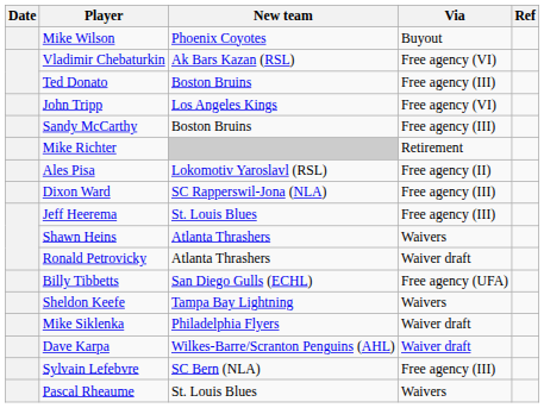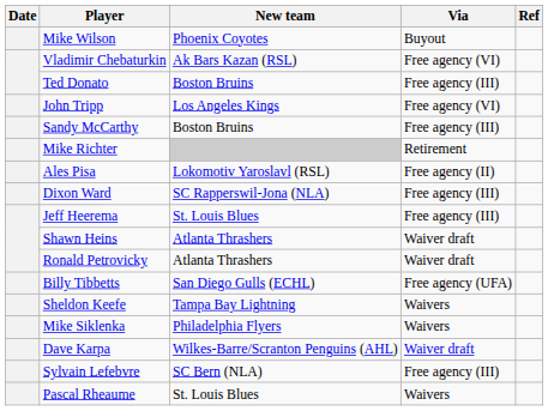 <table class="wikitable plainrowheaders">
 <tr style="background:#ddd; text-align:center;">
 <th>Date</th>
 <th>Player</th>
 <th>New team</th>
 <th>Via</th>
 <th>Ref</th>
 </tr>
 <tr>
 <th scope="row"></th>
 <td><a href='#'>Mike Wilson</a></td>
 <td><a href='#'>Phoenix Coyotes</a></td>
 <td>Buyout</td>
 <td></td>
 </tr>
 <tr>
 <th scope="row" rowspan=2></th>
 <td><a href='#'>Vladimir Chebaturkin</a></td>
 <td><a href='#'>Ak Bars Kazan</a> (<a href='#'>RSL</a>)</td>
 <td>Free agency (VI)</td>
 <td></td>
 </tr>
 <tr>
 <td><a href='#'>Ted Donato</a></td>
 <td><a href='#'>Boston Bruins</a></td>
 <td>Free agency (III)</td>
 <td></td>
 </tr>
 <tr>
 <th scope="row"></th>
 <td><a href='#'>John Tripp</a></td>
 <td><a href='#'>Los Angeles Kings</a></td>
 <td>Free agency (VI)</td>
 <td></td>
 </tr>
 <tr>
 <th scope="row"></th>
 <td><a href='#'>Sandy McCarthy</a></td>
 <td>Boston Bruins</td>
 <td>Free agency (III)</td>
 <td></td>
 </tr>
 <tr>
 <th scope="row"></th>
 <td><a href='#'>Mike Richter</a></td>
 <td style="background:#ccc"></td>
 <td>Retirement</td>
 <td></td>
 </tr>
 <tr>
 <th scope="row"></th>
 <td><a href='#'>Ales Pisa</a></td>
 <td><a href='#'>Lokomotiv Yaroslavl</a> (RSL)</td>
 <td>Free agency (II)</td>
 <td></td>
 </tr>
 <tr>
 <th scope="row"></th>
 <td><a href='#'>Dixon Ward</a></td>
 <td><a href='#'>SC Rapperswil-Jona</a> (<a href='#'>NLA</a>)</td>
 <td>Free agency (III)</td>
 <td></td>
 </tr>
 <tr>
 <th scope="row" rowspan=3></th>
 <td><a href='#'>Jeff Heerema</a></td>
 <td><a href='#'>St. Louis Blues</a></td>
 <td>Free agency (III)</td>
 <td></td>
 </tr>
 <tr>
 <td><a href='#'>Shawn Heins</a></td>
 <td><a href='#'>Atlanta Thrashers</a></td>
-<td>Waivers</td>
+<td>Waiver draft</td>
 <td></td>
 </tr>
 <tr>
 <td><a href='#'>Ronald Petrovicky</a></td>
 <td>Atlanta Thrashers</td>
 <td>Waiver draft</td>
 <td></td>
 </tr>
 <tr>
 <th scope="row"></th>
 <td><a href='#'>Billy Tibbetts</a></td>
 <td><a href='#'>San Diego Gulls</a> (<a href='#'>ECHL</a>)</td>
 <td>Free agency (UFA)</td>
 <td></td>
 </tr>
 <tr>
 <th scope="row"></th>
 <td><a href='#'>Sheldon Keefe</a></td>
 <td><a href='#'>Tampa Bay Lightning</a></td>
 <td>Waivers</td>
 <td></td>
 </tr>
 <tr>
 <th scope="row"></th>
 <td><a href='#'>Mike Siklenka</a></td>
 <td><a href='#'>Philadelphia Flyers</a></td>
-<td>Waiver draft</td>
+<td>Waivers</td>
 <td></td>
 </tr>
 <tr>
 <th scope="row"></th>
 <td><a href='#'>Dave Karpa</a></td>
 <td><a href='#'>Wilkes-Barre/Scranton Penguins</a> (<a href='#'>AHL</a>)</td>
 <td><a href='#'>Waiver draft</a></td>
 <td></td>
 </tr>
 <tr>
 <th scope="row"></th>
 <td><a href='#'>Sylvain Lefebvre</a></td>
 <td><a href='#'>SC Bern</a> (NLA)</td>
 <td>Free agency (III)</td>
 <td></td>
 </tr>
 <tr>
 <th scope="row"></th>
 <td><a href='#'>Pascal Rheaume</a></td>
 <td>St. Louis Blues</td>
 <td>Waivers</td>
 <td></td>
 </tr>
 </table>
